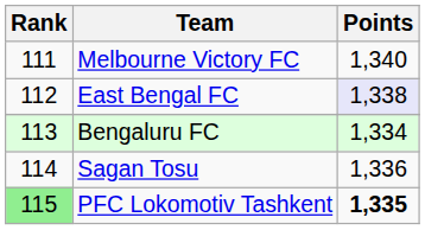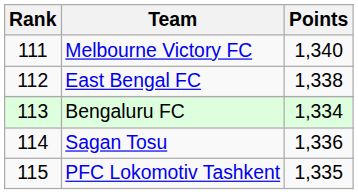 <table class="wikitable" style="text-align: center;">
 <tr>
 <th>Rank</th>
 <th>Team</th>
 <th>Points</th>
 </tr>
 <tr>
 <td>111</td>
 <td align=left> <a href='#'>Melbourne Victory FC</a></td>
 <td>1,340</td>
 </tr>
 <tr>
 <td>112</td>
 <td align=left> <a href='#'>East Bengal FC</a></td>
-<td style="background: lavender;">1,338</td>
+<td>1,338</td>
 </tr>
 <tr>
 </tr>
 <tr bgcolor="#ddffdd">
 <td>113</td>
 <td align=left> Bengaluru FC</td>
 <td>1,334</td>
 </tr>
 <tr>
 <td>114</td>
 <td align=left> <a href='#'>Sagan Tosu</a></td>
 <td>1,336</td>
 </tr>
 <tr>
-<td style="background: lightgreen;">115</td>
+<td>115</td>
 <td align=left> <a href='#'>PFC Lokomotiv Tashkent</a></td>
-<td><strong>1,335</strong></td>
+<td>1,335</td>
 </tr>
 </table>
